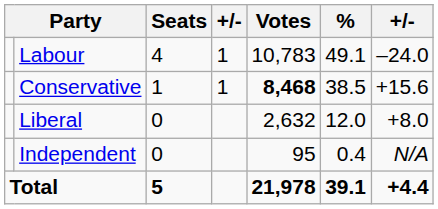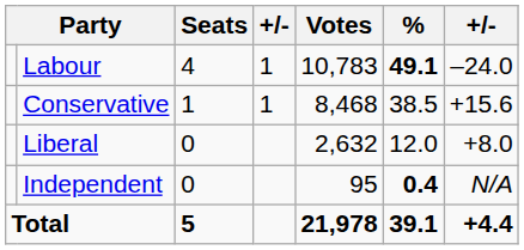 <table class="wikitable sortable">
 <tr>
 <th colspan="2">Party</th>
 <th>Seats</th>
 <th>+/-</th>
 <th>Votes</th>
 <th>%</th>
 <th>+/-</th>
 </tr>
 <tr>
 <td style="background-color: "></td>
 <td><a href='#'>Labour</a></td>
 <td>4</td>
 <td> 1</td>
 <td style="text-align:right;">10,783</td>
-<td style="text-align:right;">49.1</td>
+<td style="text-align:right;"><strong>49.1</strong></td>
 <td style="text-align:right;">–24.0</td>
 </tr>
 <tr>
 <td style="background-color: "></td>
 <td><a href='#'>Conservative</a></td>
 <td>1</td>
 <td> 1</td>
-<td style="text-align:right;"><strong>8,468</strong></td>
+<td style="text-align:right;">8,468</td>
 <td style="text-align:right;">38.5</td>
 <td style="text-align:right;">+15.6</td>
 </tr>
 <tr>
 <td style="background-color: "></td>
 <td><a href='#'>Liberal</a></td>
 <td>0</td>
 <td></td>
 <td style="text-align:right;">2,632</td>
 <td style="text-align:right;">12.0</td>
 <td style="text-align:right;">+8.0</td>
 </tr>
 <tr>
 <td style="background-color: "></td>
 <td><a href='#'>Independent</a></td>
 <td>0</td>
 <td></td>
 <td style="text-align:right;">95</td>
-<td style="text-align:right;">0.4</td>
+<td style="text-align:right;"><strong>0.4</strong></td>
 <td style="text-align:right;"><em>N/A</em></td>
 </tr>
 <tr>
 <td colspan="2"><strong>Total</strong></td>
 <td><strong>5</strong></td>
 <td></td>
 <td style="text-align:right;"><strong>21,978</strong></td>
 <td style="text-align:right;"><strong>39.1</strong></td>
 <td style="text-align:right;"><strong>+4.4</strong></td>
 </tr>
 </table>
